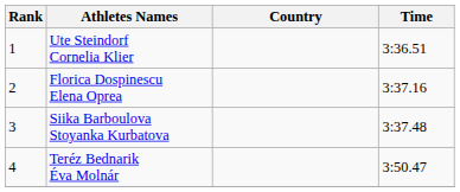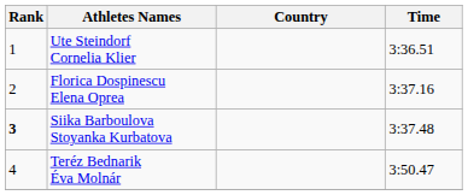 <table class="wikitable">
 <tr>
 <th width=25>Rank</th>
 <th width=175>Athletes Names</th>
 <th width=175>Country</th>
 <th width=75>Time</th>
 </tr>
 <tr>
 <td>1</td>
 <td><a href='#'>Ute Steindorf</a><br><a href='#'>Cornelia Klier</a></td>
 <td></td>
 <td>3:36.51</td>
 </tr>
 <tr>
 <td>2</td>
 <td><a href='#'>Florica Dospinescu</a><br><a href='#'>Elena Oprea</a></td>
 <td></td>
 <td>3:37.16</td>
 </tr>
 <tr>
-<td>3</td>
+<td><strong>3</strong></td>
 <td><a href='#'>Siika Barboulova</a><br><a href='#'>Stoyanka Kurbatova</a></td>
 <td></td>
 <td>3:37.48</td>
 </tr>
 <tr>
 <td>4</td>
 <td><a href='#'>Teréz Bednarik</a><br><a href='#'>Éva Molnár</a></td>
 <td></td>
 <td>3:50.47</td>
 </tr>
 <tr>
 </tr>
 </table>
